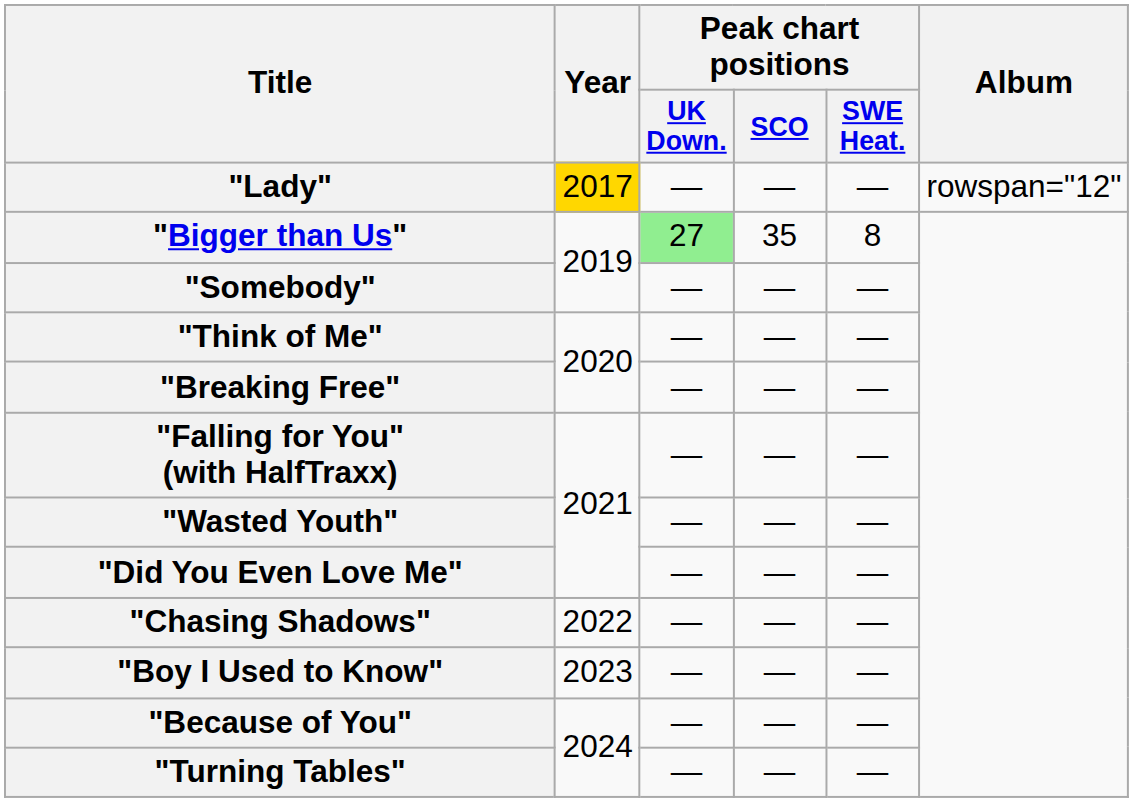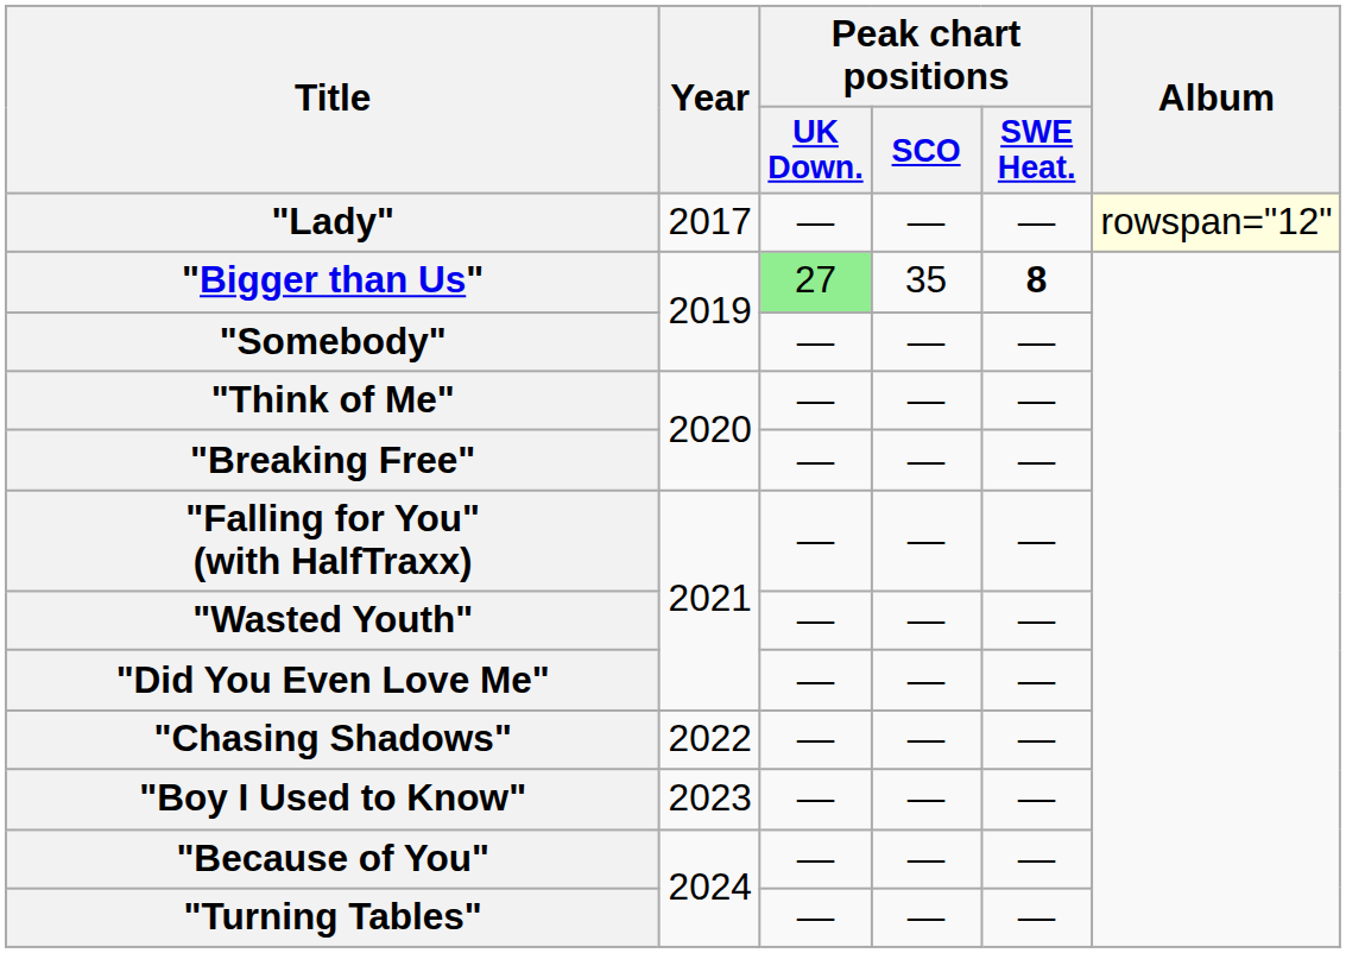 <table class="wikitable plainrowheaders" style="text-align:center;">
 <tr>
 <th scope="col" rowspan="2" style="width:17em;">Title</th>
 <th scope="col" rowspan="2" style="width:1em;">Year</th>
 <th scope="col" colspan="3">Peak chart positions</th>
 <th scope="col" rowspan="2">Album</th>
 </tr>
 <tr>
 <th scope="col" style="width:3em;font-size:85%;"><a href='#'>UK<br>Down.</a><br></th>
 <th scope="col" style="width:3em;font-size:85%;"><a href='#'>SCO</a><br></th>
 <th scope="col" style="width:3em;font-size:85%;"><a href='#'>SWE<br>Heat.</a><br></th>
 </tr>
 <tr>
 <th scope="row">"Lady"</th>
-<td style="background: gold;">2017</td>
+<td>2017</td>
 <td>—</td>
 <td>—</td>
 <td>—</td>
-<td>rowspan="12" </td>
+<td style="background: lightyellow;">rowspan="12" </td>
 </tr>
 <tr>
 <th scope="row">"<a href='#'>Bigger than Us</a>"</th>
 <td rowspan="2">2019</td>
 <td style="background: lightgreen;">27</td>
 <td>35</td>
-<td>8</td>
+<td><strong>8</strong></td>
 </tr>
 <tr>
 <th scope="row">"Somebody"</th>
 <td>—</td>
 <td>—</td>
 <td>—</td>
 </tr>
 <tr>
 <th scope="row">"Think of Me"</th>
 <td rowspan="2">2020</td>
 <td>—</td>
 <td>—</td>
 <td>—</td>
 </tr>
 <tr>
 <th scope="row">"Breaking Free"</th>
 <td>—</td>
 <td>—</td>
 <td>—</td>
 </tr>
 <tr>
 <th scope="row">"Falling for You"<br><span>(with HalfTraxx)</span></th>
 <td rowspan="3">2021</td>
 <td>—</td>
 <td>—</td>
 <td>—</td>
 </tr>
 <tr>
 <th scope="row">"Wasted Youth"</th>
 <td>—</td>
 <td>—</td>
 <td>—</td>
 </tr>
 <tr>
 <th scope="row">"Did You Even Love Me"</th>
 <td>—</td>
 <td>—</td>
 <td>—</td>
 </tr>
 <tr>
 <th scope="row">"Chasing Shadows"</th>
 <td>2022</td>
 <td>—</td>
 <td>—</td>
 <td>—</td>
 </tr>
 <tr>
 <th scope="row">"Boy I Used to Know"</th>
 <td>2023</td>
 <td>—</td>
 <td>—</td>
 <td>—</td>
 </tr>
 <tr>
 <th scope="row">"Because of You"</th>
 <td rowspan="2">2024</td>
 <td>—</td>
 <td>—</td>
 <td>—</td>
 </tr>
 <tr>
 <th scope="row">"Turning Tables"</th>
 <td>—</td>
 <td>—</td>
 <td>—</td>
 </tr>
 </table>
